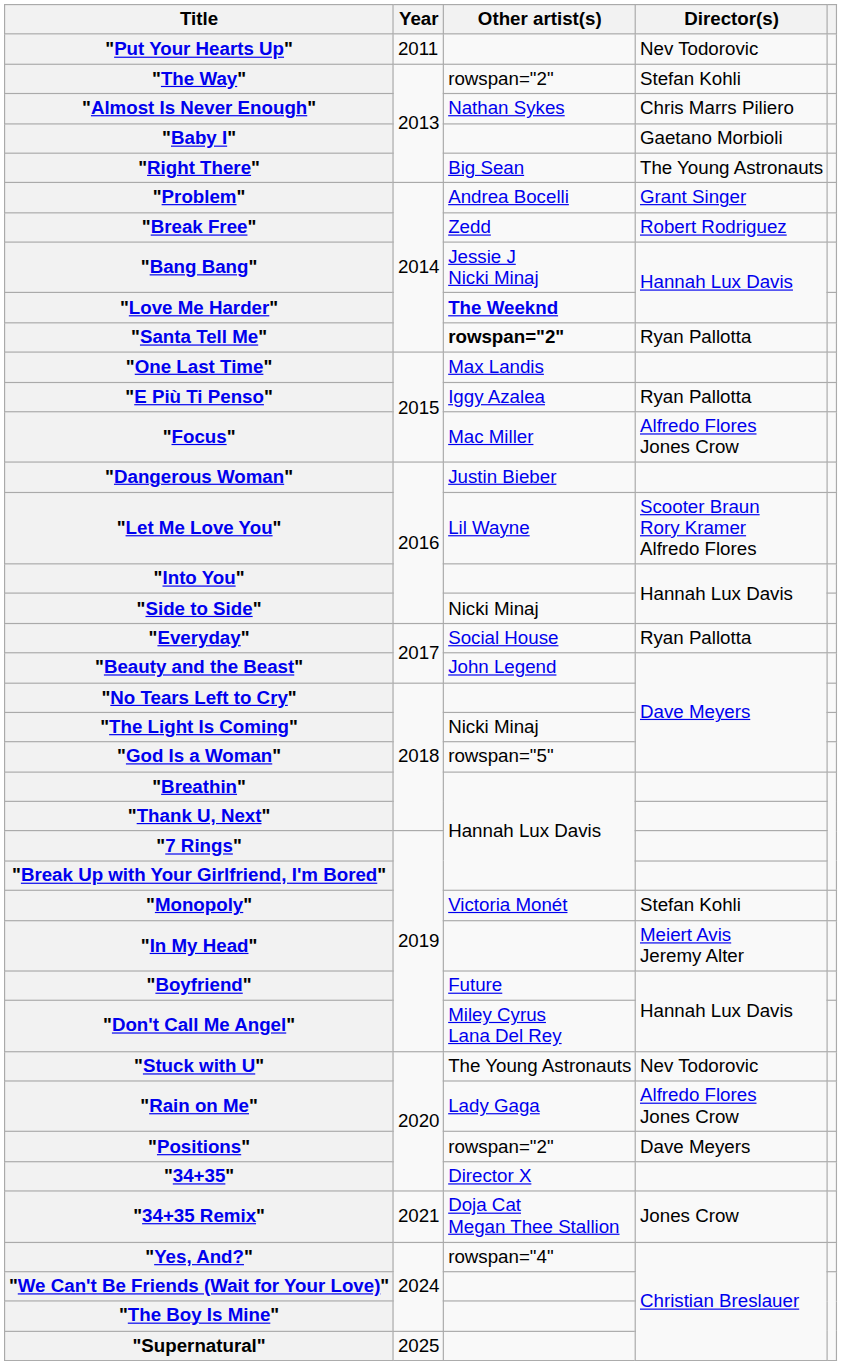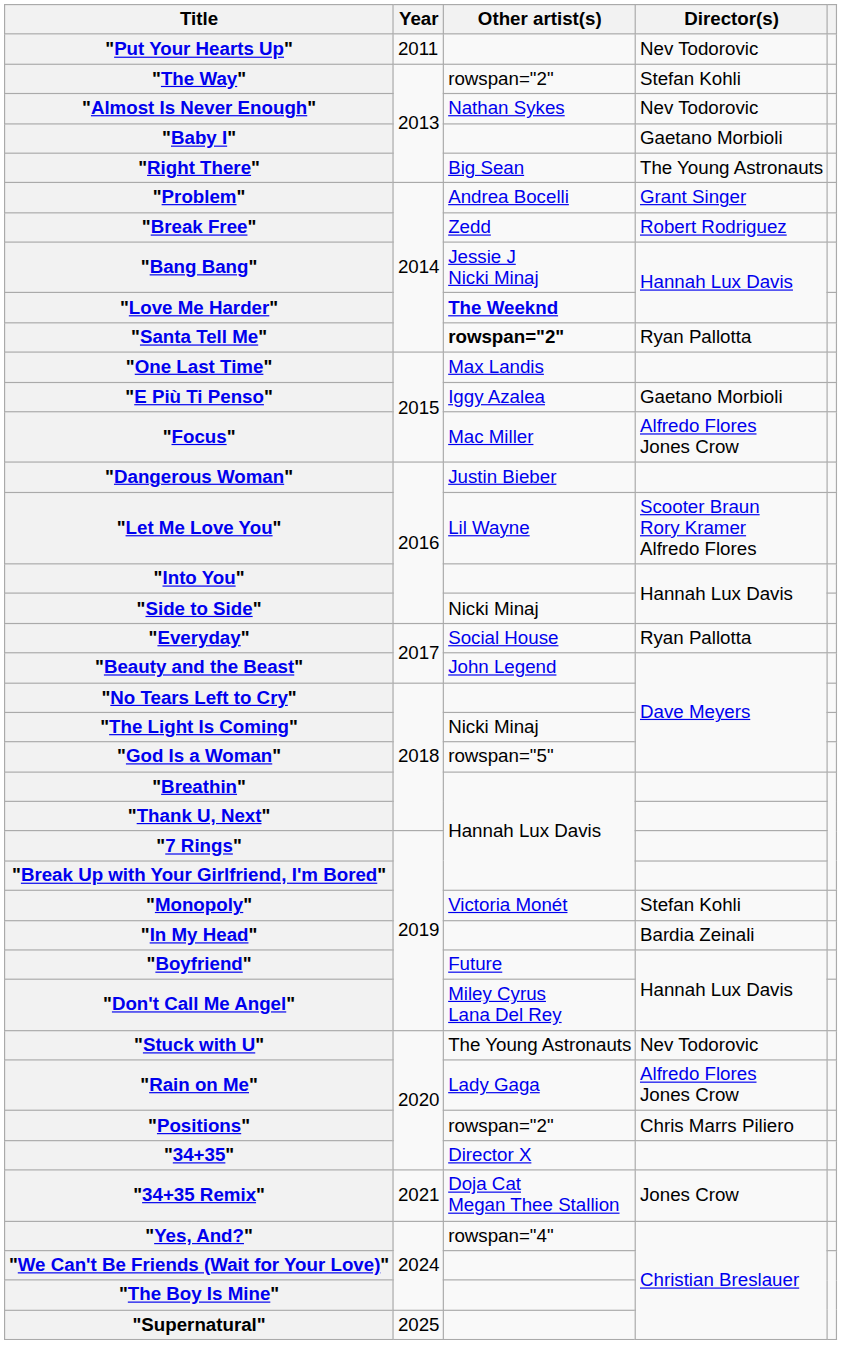 <table class="wikitable sortable plainrowheaders">
 <tr>
 <th scope="col">Title</th>
 <th scope="col">Year</th>
 <th scope="col">Other artist(s)</th>
 <th scope="col">Director(s)</th>
 <th scope="col" class=unsortable></th>
 </tr>
 <tr>
 <th scope="row">"<a href='#'>Put Your Hearts Up</a>"</th>
 <td>2011</td>
 <td></td>
 <td>Nev Todorovic</td>
 <td></td>
 </tr>
 <tr>
 <th scope="row">"<a href='#'>The Way</a>"</th>
 <td rowspan="4">2013</td>
 <td>rowspan="2" </td>
 <td>Stefan Kohli</td>
 <td></td>
 </tr>
 <tr>
 <th scope="row">"<a href='#'>Almost Is Never Enough</a>"</th>
 <td><a href='#'>Nathan Sykes</a></td>
-<td>Chris Marrs Piliero</td>
+<td>Nev Todorovic</td>
 <td></td>
 </tr>
 <tr>
 <th scope="row">"<a href='#'>Baby I</a>"</th>
 <td></td>
 <td>Gaetano Morbioli</td>
 <td></td>
 </tr>
 <tr>
 <th scope="row">"<a href='#'>Right There</a>"</th>
 <td><a href='#'>Big Sean</a></td>
 <td>The Young Astronauts</td>
 <td></td>
 </tr>
 <tr>
 <th scope="row">"<a href='#'>Problem</a>"</th>
 <td rowspan="5">2014</td>
 <td><a href='#'>Andrea Bocelli</a></td>
 <td><a href='#'>Grant Singer</a></td>
 <td></td>
 </tr>
 <tr>
 <th scope="row">"<a href='#'>Break Free</a>"</th>
 <td><a href='#'>Zedd</a></td>
 <td><a href='#'>Robert Rodriguez</a></td>
 <td></td>
 </tr>
 <tr>
 <th scope="row">"<a href='#'>Bang Bang</a>"</th>
 <td><a href='#'>Jessie J</a><br><a href='#'>Nicki Minaj</a></td>
 <td rowspan="2"><a href='#'>Hannah Lux Davis</a></td>
 <td></td>
 </tr>
 <tr>
 <th scope="row">"<a href='#'>Love Me Harder</a>"</th>
 <td><strong><a href='#'>The Weeknd</a></strong></td>
 <td></td>
 </tr>
 <tr>
 <th scope="row">"<a href='#'>Santa Tell Me</a>"</th>
 <td><strong>rowspan="2" </strong></td>
 <td>Ryan Pallotta</td>
 <td></td>
 </tr>
 <tr>
 <th scope="row">"<a href='#'>One Last Time</a>"</th>
 <td rowspan="3">2015</td>
 <td><a href='#'>Max Landis</a></td>
 <td></td>
 </tr>
 <tr>
 <th scope="row">"<a href='#'>E Più Ti Penso</a>"</th>
 <td><a href='#'>Iggy Azalea</a></td>
-<td>Ryan Pallotta</td>
+<td>Gaetano Morbioli</td>
 <td></td>
 </tr>
 <tr>
 <th scope="row">"<a href='#'>Focus</a>"</th>
 <td><a href='#'>Mac Miller</a></td>
 <td><a href='#'>Alfredo Flores</a><br>Jones Crow</td>
 <td></td>
 </tr>
 <tr>
 <th scope="row">"<a href='#'>Dangerous Woman</a>"</th>
 <td rowspan="4">2016</td>
 <td><a href='#'>Justin Bieber</a></td>
 <td></td>
 </tr>
 <tr>
 <th scope="row">"<a href='#'>Let Me Love You</a>"</th>
 <td><a href='#'>Lil Wayne</a></td>
 <td><a href='#'>Scooter Braun</a><br><a href='#'>Rory Kramer</a><br>Alfredo Flores</td>
 <td></td>
 </tr>
 <tr>
 <th scope="row">"<a href='#'>Into You</a>"</th>
 <td></td>
 <td rowspan="2">Hannah Lux Davis</td>
 <td></td>
 </tr>
 <tr>
 <th scope="row">"<a href='#'>Side to Side</a>"</th>
 <td>Nicki Minaj</td>
 <td></td>
 </tr>
 <tr>
 <th scope="row">"<a href='#'>Everyday</a>"</th>
 <td rowspan="2">2017</td>
 <td><a href='#'>Social House</a></td>
 <td>Ryan Pallotta</td>
 <td></td>
 </tr>
 <tr>
 <th scope="row">"<a href='#'>Beauty and the Beast</a>"</th>
 <td><a href='#'>John Legend</a></td>
 <td rowspan="4"><a href='#'>Dave Meyers</a></td>
 <td></td>
 </tr>
 <tr>
 <th scope="row">"<a href='#'>No Tears Left to Cry</a>"</th>
 <td rowspan="5">2018</td>
 <td></td>
 <td></td>
 </tr>
 <tr>
 <th scope="row">"<a href='#'>The Light Is Coming</a>"</th>
 <td>Nicki Minaj</td>
 <td></td>
 </tr>
 <tr>
 <th scope="row">"<a href='#'>God Is a Woman</a>"</th>
 <td>rowspan="5" </td>
 <td></td>
 </tr>
 <tr>
 <th scope="row">"<a href='#'>Breathin</a>"</th>
 <td rowspan="4">Hannah Lux Davis</td>
 <td></td>
 </tr>
 <tr>
 <th scope="row">"<a href='#'>Thank U, Next</a>"</th>
 <td></td>
 </tr>
 <tr>
 <th scope="row">"<a href='#'>7 Rings</a>"</th>
 <td rowspan="6">2019</td>
 <td></td>
 </tr>
 <tr>
 <th scope="row">"<a href='#'>Break Up with Your Girlfriend, I'm Bored</a>"</th>
 <td></td>
 </tr>
 <tr>
 <th scope="row">"<a href='#'>Monopoly</a>"</th>
 <td><a href='#'>Victoria Monét</a></td>
 <td>Stefan Kohli</td>
 <td></td>
 </tr>
 <tr>
 <th scope="row">"<a href='#'>In My Head</a>"</th>
 <td></td>
-<td><a href='#'>Meiert Avis</a><br>Jeremy Alter</td>
+<td>Bardia Zeinali</td>
 <td></td>
 </tr>
 <tr>
 <th scope="row">"<a href='#'>Boyfriend</a>"</th>
 <td><a href='#'>Future</a></td>
 <td rowspan="2">Hannah Lux Davis</td>
 <td></td>
 </tr>
 <tr>
 <th scope="row">"<a href='#'>Don't Call Me Angel</a>"</th>
 <td><a href='#'>Miley Cyrus</a><br><a href='#'>Lana Del Rey</a></td>
 <td></td>
 </tr>
 <tr>
 <th scope="row">"<a href='#'>Stuck with U</a>"</th>
 <td rowspan="4">2020</td>
 <td>The Young Astronauts</td>
 <td>Nev Todorovic</td>
 <td></td>
 </tr>
 <tr>
 <th scope="row">"<a href='#'>Rain on Me</a>"</th>
 <td><a href='#'>Lady Gaga</a></td>
 <td><a href='#'>Alfredo Flores</a><br>Jones Crow</td>
 <td></td>
 </tr>
 <tr>
 <th scope="row">"<a href='#'>Positions</a>"</th>
 <td>rowspan="2" </td>
-<td>Dave Meyers</td>
+<td>Chris Marrs Piliero</td>
 <td></td>
 </tr>
 <tr>
 <th scope="row">"<a href='#'>34+35</a>"</th>
 <td><a href='#'>Director X</a></td>
 <td></td>
 </tr>
 <tr>
 <th scope="row">"<a href='#'>34+35 Remix</a>"</th>
 <td>2021</td>
 <td><a href='#'>Doja Cat</a><br><a href='#'>Megan Thee Stallion</a></td>
 <td>Jones Crow</td>
 <td></td>
 </tr>
 <tr>
 <th scope="row">"<a href='#'>Yes, And?</a>"</th>
 <td rowspan="3">2024</td>
 <td>rowspan="4" </td>
 <td rowspan="4"><a href='#'>Christian Breslauer</a></td>
 <td></td>
 </tr>
 <tr>
 <th scope="row">"<a href='#'>We Can't Be Friends (Wait for Your Love)</a>"</th>
 <td></td>
 </tr>
 <tr>
 <th scope="row">"<a href='#'>The Boy Is Mine</a>"</th>
 <td></td>
 </tr>
 <tr>
 <th scope="row">"Supernatural"</th>
 <td>2025</td>
 </tr>
 </table>
